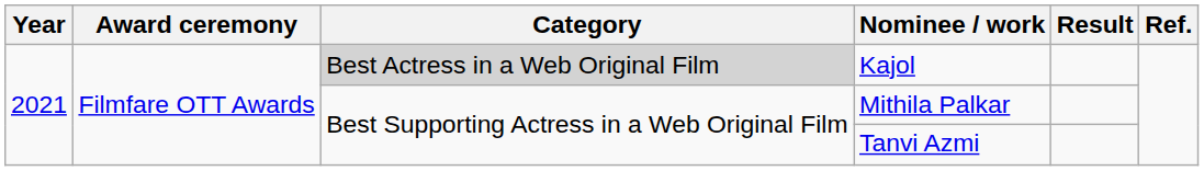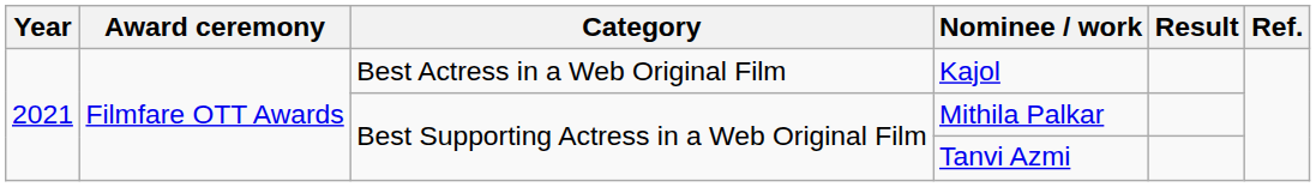 <table class="wikitable">
 <tr>
 <th>Year</th>
 <th>Award ceremony</th>
 <th>Category</th>
 <th>Nominee / work</th>
 <th>Result</th>
 <th>Ref.</th>
 </tr>
 <tr>
 <td rowspan="3"><a href='#'>2021</a></td>
 <td rowspan="3"><a href='#'>Filmfare OTT Awards</a></td>
-<td style="background: lightgrey;">Best Actress in a Web Original Film</td>
+<td>Best Actress in a Web Original Film</td>
 <td><a href='#'>Kajol</a></td>
 <td></td>
 <td rowspan="3"></td>
 </tr>
 <tr>
 <td rowspan="2">Best Supporting Actress in a Web Original Film</td>
 <td><a href='#'>Mithila Palkar</a></td>
 <td></td>
 </tr>
 <tr>
 <td><a href='#'>Tanvi Azmi</a></td>
 <td></td>
 </tr>
 </table>
